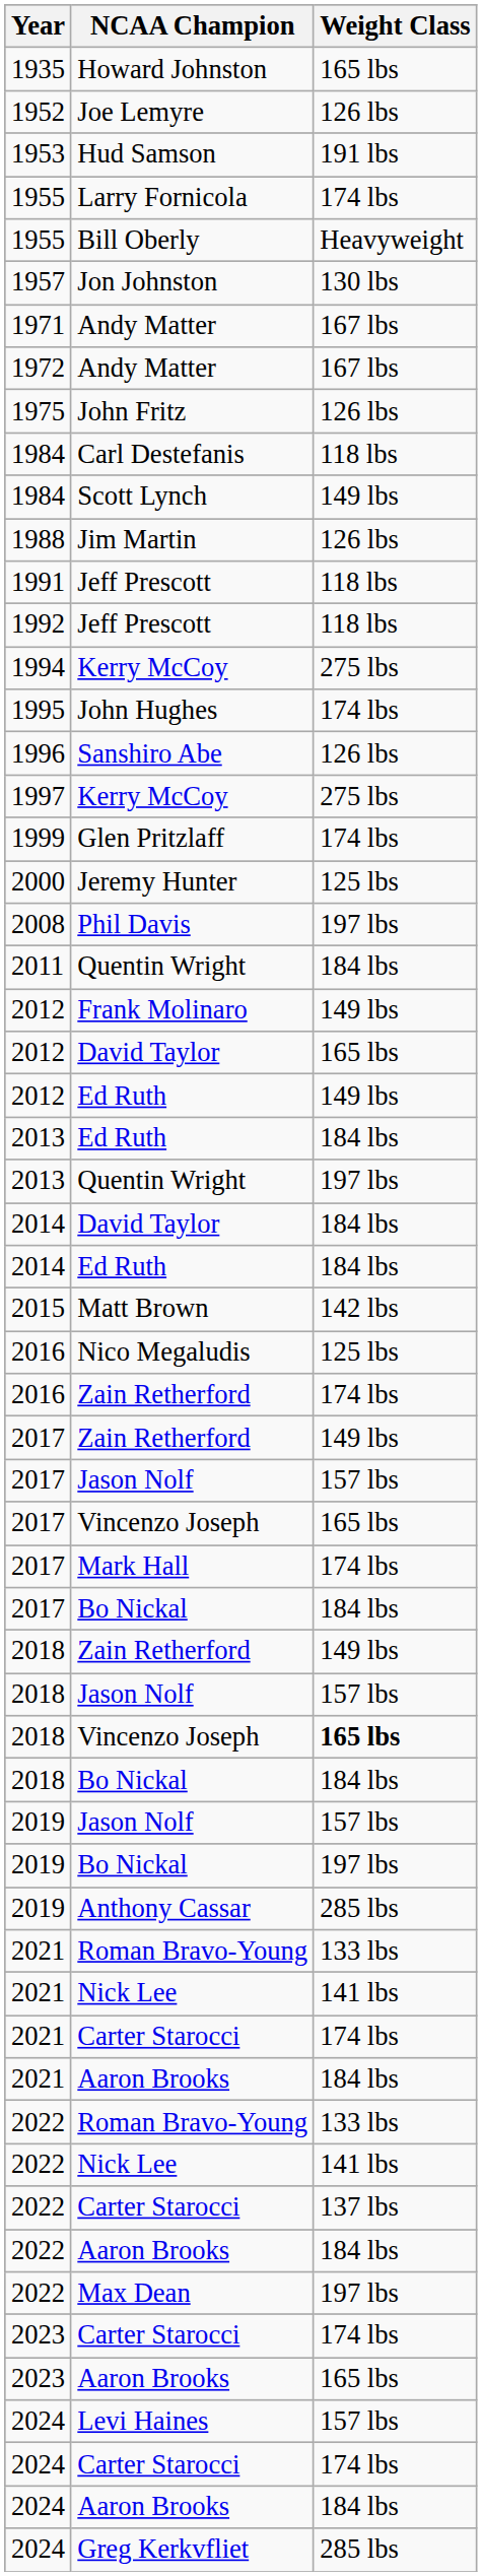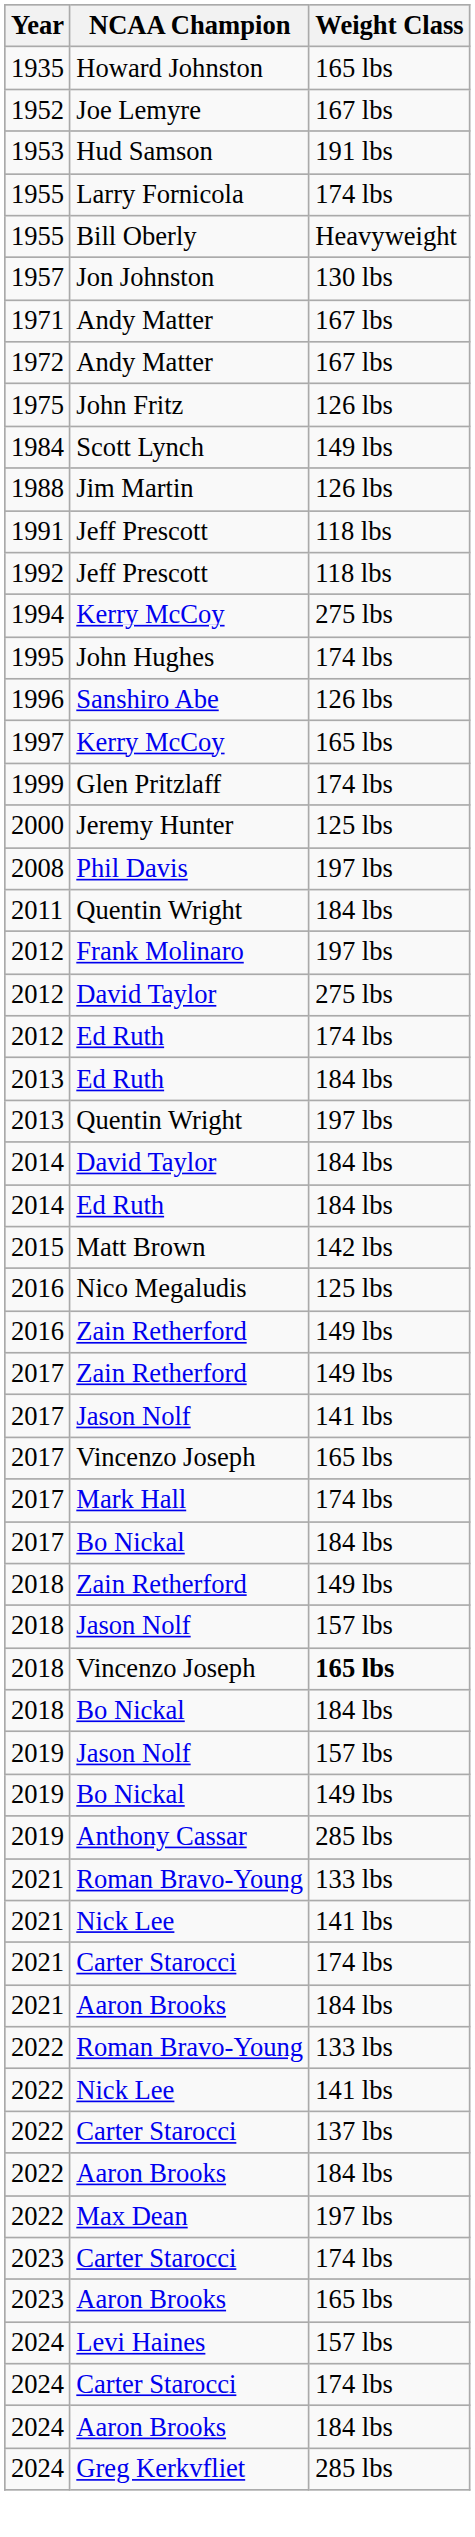 <table class="wikitable">
 <tr>
 <th>Year</th>
 <th>NCAA Champion</th>
 <th>Weight Class</th>
 </tr>
 <tr>
 <td>1935</td>
 <td>Howard Johnston</td>
 <td>165 lbs</td>
 </tr>
 <tr>
 <td>1952</td>
 <td>Joe Lemyre</td>
-<td>126 lbs</td>
+<td>167 lbs</td>
 </tr>
 <tr>
 <td>1953</td>
 <td>Hud Samson</td>
 <td>191 lbs</td>
 </tr>
 <tr>
 <td>1955</td>
 <td>Larry Fornicola</td>
 <td>174 lbs</td>
 </tr>
 <tr>
 <td>1955</td>
 <td>Bill Oberly</td>
 <td>Heavyweight</td>
 </tr>
 <tr>
 <td>1957</td>
 <td>Jon Johnston</td>
 <td>130 lbs</td>
 </tr>
 <tr>
 <td>1971</td>
 <td>Andy Matter</td>
 <td>167 lbs</td>
 </tr>
 <tr>
 <td>1972</td>
 <td>Andy Matter</td>
 <td>167 lbs</td>
 </tr>
 <tr>
 <td>1975</td>
 <td>John Fritz</td>
 <td>126 lbs</td>
-</tr>
-<tr>
-<td>1984</td>
-<td>Carl Destefanis</td>
-<td>118 lbs</td>
 </tr>
 <tr>
 <td>1984</td>
 <td>Scott Lynch</td>
 <td>149 lbs</td>
 </tr>
 <tr>
 <td>1988</td>
 <td>Jim Martin</td>
 <td>126 lbs</td>
 </tr>
 <tr>
 <td>1991</td>
 <td>Jeff Prescott</td>
 <td>118 lbs</td>
 </tr>
 <tr>
 <td>1992</td>
 <td>Jeff Prescott</td>
 <td>118 lbs</td>
 </tr>
 <tr>
 <td>1994</td>
 <td><a href='#'>Kerry McCoy</a></td>
 <td>275 lbs</td>
 </tr>
 <tr>
 <td>1995</td>
 <td>John Hughes</td>
 <td>174 lbs</td>
 </tr>
 <tr>
 <td>1996</td>
 <td><a href='#'>Sanshiro Abe</a></td>
 <td>126 lbs</td>
 </tr>
 <tr>
 <td>1997</td>
 <td><a href='#'>Kerry McCoy</a></td>
-<td>275 lbs</td>
+<td>165 lbs</td>
 </tr>
 <tr>
 <td>1999</td>
 <td>Glen Pritzlaff</td>
 <td>174 lbs</td>
 </tr>
 <tr>
 <td>2000</td>
 <td>Jeremy Hunter</td>
 <td>125 lbs</td>
 </tr>
 <tr>
 <td>2008</td>
 <td><a href='#'>Phil Davis</a></td>
 <td>197 lbs</td>
 </tr>
 <tr>
 <td>2011</td>
 <td>Quentin Wright</td>
 <td>184 lbs</td>
 </tr>
 <tr>
 <td>2012</td>
 <td><a href='#'>Frank Molinaro</a></td>
-<td>149 lbs</td>
+<td>197 lbs</td>
 </tr>
 <tr>
 <td>2012</td>
 <td><a href='#'>David Taylor</a></td>
-<td>165 lbs</td>
+<td>275 lbs</td>
 </tr>
 <tr>
 <td>2012</td>
 <td><a href='#'>Ed Ruth</a></td>
-<td>149 lbs</td>
+<td>174 lbs</td>
 </tr>
 <tr>
 <td>2013</td>
 <td><a href='#'>Ed Ruth</a></td>
 <td>184 lbs</td>
 </tr>
 <tr>
 <td>2013</td>
 <td>Quentin Wright</td>
 <td>197 lbs</td>
 </tr>
 <tr>
 <td>2014</td>
 <td><a href='#'>David Taylor</a></td>
 <td>184 lbs</td>
 </tr>
 <tr>
 <td>2014</td>
 <td><a href='#'>Ed Ruth</a></td>
 <td>184 lbs</td>
 </tr>
 <tr>
 <td>2015</td>
 <td>Matt Brown</td>
 <td>142 lbs</td>
 </tr>
 <tr>
 <td>2016</td>
 <td>Nico Megaludis</td>
 <td>125 lbs</td>
 </tr>
 <tr>
 <td>2016</td>
 <td><a href='#'>Zain Retherford</a></td>
-<td>174 lbs</td>
+<td>149 lbs</td>
 </tr>
 <tr>
 <td>2017</td>
 <td><a href='#'>Zain Retherford</a></td>
 <td>149 lbs</td>
 </tr>
 <tr>
 <td>2017</td>
 <td><a href='#'>Jason Nolf</a></td>
-<td>157 lbs</td>
+<td>141 lbs</td>
 </tr>
 <tr>
 <td>2017</td>
 <td>Vincenzo Joseph</td>
 <td>165 lbs</td>
 </tr>
 <tr>
 <td>2017</td>
 <td><a href='#'>Mark Hall</a></td>
 <td>174 lbs</td>
 </tr>
 <tr>
 <td>2017</td>
 <td><a href='#'>Bo Nickal</a></td>
 <td>184 lbs</td>
 </tr>
 <tr>
 <td>2018</td>
 <td><a href='#'>Zain Retherford</a></td>
 <td>149 lbs</td>
 </tr>
 <tr>
 <td>2018</td>
 <td><a href='#'>Jason Nolf</a></td>
 <td>157 lbs</td>
 </tr>
 <tr>
 <td>2018</td>
 <td>Vincenzo Joseph</td>
 <td><strong>165 lbs</strong></td>
 </tr>
 <tr>
 <td>2018</td>
 <td><a href='#'>Bo Nickal</a></td>
 <td>184 lbs</td>
 </tr>
 <tr>
 <td>2019</td>
 <td><a href='#'>Jason Nolf</a></td>
 <td>157 lbs</td>
 </tr>
 <tr>
 <td>2019</td>
 <td><a href='#'>Bo Nickal</a></td>
-<td>197 lbs</td>
+<td>149 lbs</td>
 </tr>
 <tr>
 <td>2019</td>
 <td><a href='#'>Anthony Cassar</a></td>
 <td>285 lbs</td>
 </tr>
 <tr>
 <td>2021</td>
 <td><a href='#'>Roman Bravo-Young</a></td>
 <td>133 lbs</td>
 </tr>
 <tr>
 <td>2021</td>
 <td><a href='#'>Nick Lee</a></td>
 <td>141 lbs</td>
 </tr>
 <tr>
 <td>2021</td>
 <td><a href='#'>Carter Starocci</a></td>
 <td>174 lbs</td>
 </tr>
 <tr>
 <td>2021</td>
 <td><a href='#'>Aaron Brooks</a></td>
 <td>184 lbs</td>
 </tr>
 <tr>
 <td>2022</td>
 <td><a href='#'>Roman Bravo-Young</a></td>
 <td>133 lbs</td>
 </tr>
 <tr>
 <td>2022</td>
 <td><a href='#'>Nick Lee</a></td>
 <td>141 lbs</td>
 </tr>
 <tr>
 <td>2022</td>
 <td><a href='#'>Carter Starocci</a></td>
 <td>137 lbs</td>
 </tr>
 <tr>
 <td>2022</td>
 <td><a href='#'>Aaron Brooks</a></td>
 <td>184 lbs</td>
 </tr>
 <tr>
 <td>2022</td>
 <td><a href='#'>Max Dean</a></td>
 <td>197 lbs</td>
 </tr>
 <tr>
 <td>2023</td>
 <td><a href='#'>Carter Starocci</a></td>
 <td>174 lbs</td>
 </tr>
 <tr>
 <td>2023</td>
 <td><a href='#'>Aaron Brooks</a></td>
 <td>165 lbs</td>
 </tr>
 <tr>
 <td>2024</td>
 <td><a href='#'>Levi Haines</a></td>
 <td>157 lbs</td>
 </tr>
 <tr>
 <td>2024</td>
 <td><a href='#'>Carter Starocci</a></td>
 <td>174 lbs</td>
 </tr>
 <tr>
 <td>2024</td>
 <td><a href='#'>Aaron Brooks</a></td>
 <td>184 lbs</td>
 </tr>
 <tr>
 <td>2024</td>
 <td><a href='#'>Greg Kerkvfliet</a></td>
 <td>285 lbs</td>
 </tr>
 </table>
